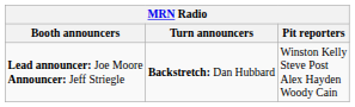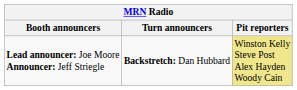 <table class="wikitable" style="font-size: 95%;">
 <tr>
 <th colspan="3"><a href='#'>MRN</a> Radio</th>
 </tr>
 <tr>
 <th>Booth announcers</th>
 <th>Turn announcers</th>
 <th>Pit reporters</th>
 </tr>
 <tr>
 <td><strong>Lead announcer:</strong> Joe Moore<br><strong>Announcer:</strong> Jeff Striegle</td>
 <td><strong>Backstretch:</strong> Dan Hubbard</td>
-<td>Winston Kelly<br>Steve Post<br>Alex Hayden<br>Woody Cain</td>
+<td style="background: khaki;">Winston Kelly<br>Steve Post<br>Alex Hayden<br>Woody Cain</td>
 </tr>
 </table>
